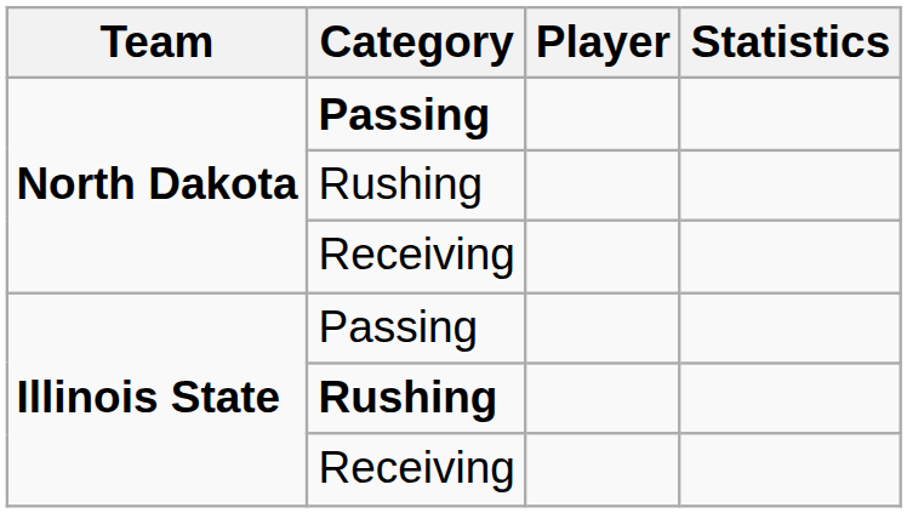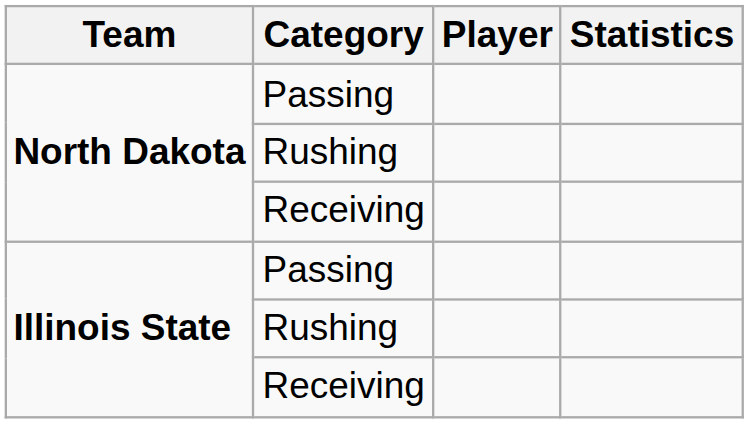 <table class="wikitable" style="float: right;">
 <tr>
 <th>Team</th>
 <th>Category</th>
 <th>Player</th>
 <th>Statistics</th>
 </tr>
 <tr>
 <td rowspan=3><strong>North Dakota</strong></td>
-<td><strong>Passing</strong></td>
+<td>Passing</td>
 <td></td>
 <td></td>
 </tr>
 <tr>
 <td>Rushing</td>
 <td></td>
 <td></td>
 </tr>
 <tr>
 <td>Receiving</td>
 <td></td>
 <td></td>
 </tr>
 <tr>
 <td rowspan=3><strong>Illinois State</strong></td>
 <td>Passing</td>
 <td></td>
 <td></td>
 </tr>
 <tr>
-<td><strong>Rushing</strong></td>
+<td>Rushing</td>
 <td></td>
 <td></td>
 </tr>
 <tr>
 <td>Receiving</td>
 <td></td>
 <td></td>
 </tr>
 </table>
